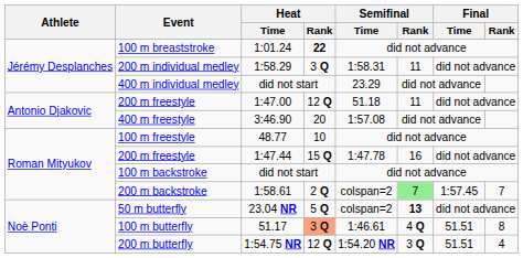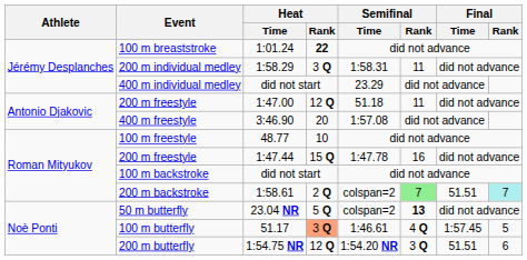 <table class=wikitable style="font-size:90%">
 <tr>
 <th rowspan="2">Athlete</th>
 <th rowspan="2">Event</th>
 <th colspan="2">Heat</th>
 <th colspan="2">Semifinal</th>
 <th colspan="2">Final</th>
 </tr>
 <tr style="font-size:95%">
 <th>Time</th>
 <th>Rank</th>
 <th>Time</th>
 <th>Rank</th>
 <th>Time</th>
 <th>Rank</th>
 </tr>
 <tr style="text-align:center">
 <td style="text-align:left" rowspan=3><a href='#'>Jérémy Desplanches</a></td>
 <td style="text-align:left"><a href='#'>100 m breaststroke</a></td>
 <td>1:01.24</td>
 <td><strong>22</strong></td>
 <td colspan=4>did not advance</td>
 </tr>
 <tr style="text-align:center">
 <td style="text-align:left"><a href='#'>200 m individual medley</a></td>
 <td>1:58.29</td>
 <td>3 <strong>Q</strong></td>
 <td>1:58.31</td>
 <td>11</td>
 <td colspan=2>did not advance</td>
 </tr>
 <tr style="text-align:center">
 <td style="text-align:left"><a href='#'>400 m individual medley</a></td>
 <td colspan=2>did not start</td>
 <td>23.29</td>
 <td colspan=2>did not advance</td>
 </tr>
 <tr style="text-align:center">
 <td style="text-align:left" rowspan=2><a href='#'>Antonio Djakovic</a></td>
 <td style="text-align:left"><a href='#'>200 m freestyle</a></td>
 <td>1:47.00</td>
 <td>12 <strong>Q</strong></td>
 <td>51.18</td>
 <td>11</td>
 <td colspan=2>did not advance</td>
 </tr>
 <tr style="text-align:center">
 <td style="text-align:left"><a href='#'>400 m freestyle</a></td>
 <td>3:46.90</td>
 <td>20</td>
 <td>1:57.08</td>
 <td colspan=2>did not advance</td>
 </tr>
 <tr style="text-align:center">
 <td style="text-align:left" rowspan=4><a href='#'>Roman Mityukov</a></td>
 <td style="text-align:left"><a href='#'>100 m freestyle</a></td>
 <td>48.77</td>
 <td>10</td>
 <td colspan=4>did not advance</td>
 </tr>
 <tr style="text-align:center">
 <td style="text-align:left"><a href='#'>200 m freestyle</a></td>
 <td>1:47.44</td>
 <td>15 <strong>Q</strong></td>
 <td>1:47.78</td>
 <td>16</td>
 <td colspan=2>did not advance</td>
 </tr>
 <tr style="text-align:center">
 <td style="text-align:left"><a href='#'>100 m backstroke</a></td>
 <td colspan=2>did not start</td>
 <td colspan=4>did not advance</td>
 </tr>
 <tr style="text-align:center">
 <td style="text-align:left"><a href='#'>200 m backstroke</a></td>
 <td>1:58.61</td>
 <td>2 <strong>Q</strong></td>
 <td>colspan=2 </td>
 <td style="background: lightgreen;">7</td>
-<td>1:57.45</td>
-<td>7</td>
+<td>51.51</td>
+<td style="background: paleturquoise;">7</td>
 </tr>
 <tr style="text-align:center">
 <td style="text-align:left" rowspan=3><a href='#'>Noè Ponti</a></td>
 <td style="text-align:left"><a href='#'>50 m butterfly</a></td>
 <td>23.04 <strong><a href='#'>NR</a></strong></td>
 <td>5 <strong>Q</strong></td>
 <td>colspan=2 </td>
 <td><strong>13</strong></td>
 <td colspan=2>did not advance</td>
 </tr>
 <tr style="text-align:center">
 <td style="text-align:left"><a href='#'>100 m butterfly</a></td>
 <td>51.17</td>
 <td style="background: lightsalmon;">3 <strong>Q</strong></td>
 <td>1:46.61</td>
 <td>4 <strong>Q</strong></td>
-<td>51.51</td>
-<td>8</td>
+<td>1:57.45</td>
+<td>5</td>
 </tr>
 <tr style="text-align:center">
 <td style="text-align:left"><a href='#'>200 m butterfly</a></td>
 <td>1:54.75 <strong><a href='#'>NR</a></strong></td>
 <td>12 <strong>Q</strong></td>
 <td>1:54.20 <strong><a href='#'>NR</a></strong></td>
 <td>3 <strong>Q</strong></td>
 <td>51.51</td>
-<td>4</td>
+<td>6</td>
 </tr>
 </table>
